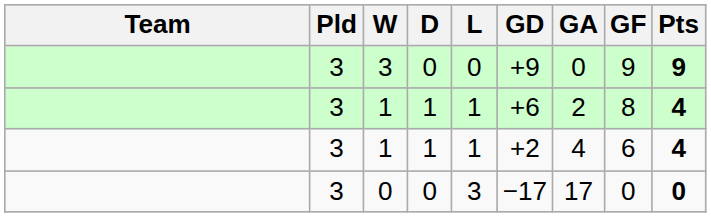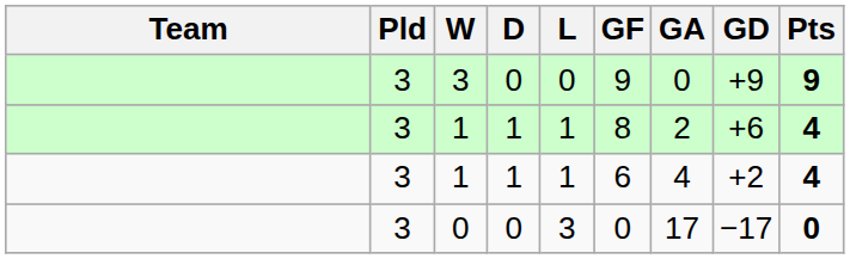 <table class="wikitable" style="text-align:center;">
 <tr>
 <th width=180>Team</th>
 <th width=20>Pld</th>
 <th width=20>W</th>
 <th width=20>D</th>
 <th width=20>L</th>
+<th width=20>GF</th>
+<th width=20>GA</th>
 <th width=20>GD</th>
-<th width=20>GA</th>
-<th width=20>GF</th>
 <th width=20>Pts </th>
 </tr>
 <tr align=center bgcolor="ccffcc">
 <td style="text-align:left;"></td>
 <td>3</td>
 <td>3</td>
 <td>0</td>
 <td>0</td>
+<td>9</td>
+<td>0</td>
 <td>+9</td>
-<td>0</td>
-<td>9</td>
 <td><strong>9</strong></td>
 </tr>
 <tr align=center bgcolor="ccffcc">
 <td style="text-align:left;"></td>
 <td>3</td>
 <td>1</td>
 <td>1</td>
 <td>1</td>
+<td>8</td>
+<td>2</td>
 <td>+6</td>
-<td>2</td>
-<td>8</td>
 <td><strong>4</strong></td>
 </tr>
 <tr align=center>
 <td style="text-align:left;"></td>
 <td>3</td>
 <td>1</td>
 <td>1</td>
 <td>1</td>
+<td>6</td>
+<td>4</td>
 <td>+2</td>
-<td>4</td>
-<td>6</td>
 <td><strong>4</strong></td>
 </tr>
 <tr align=center>
 <td style="text-align:left;"></td>
 <td>3</td>
 <td>0</td>
 <td>0</td>
 <td>3</td>
+<td>0</td>
+<td>17</td>
 <td>−17</td>
-<td>17</td>
-<td>0</td>
 <td><strong>0</strong></td>
 </tr>
 </table>
